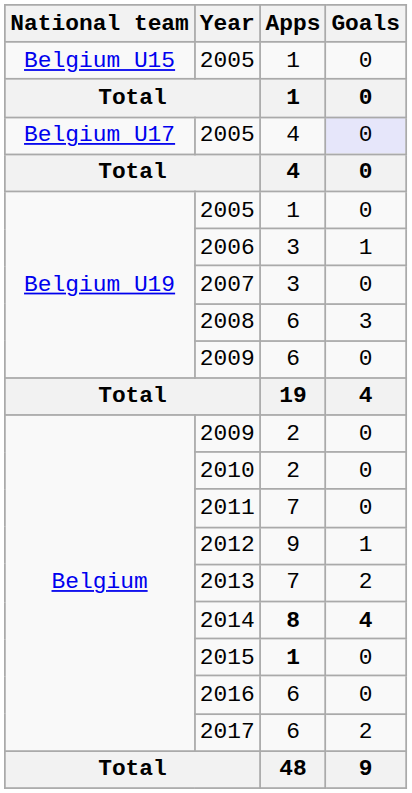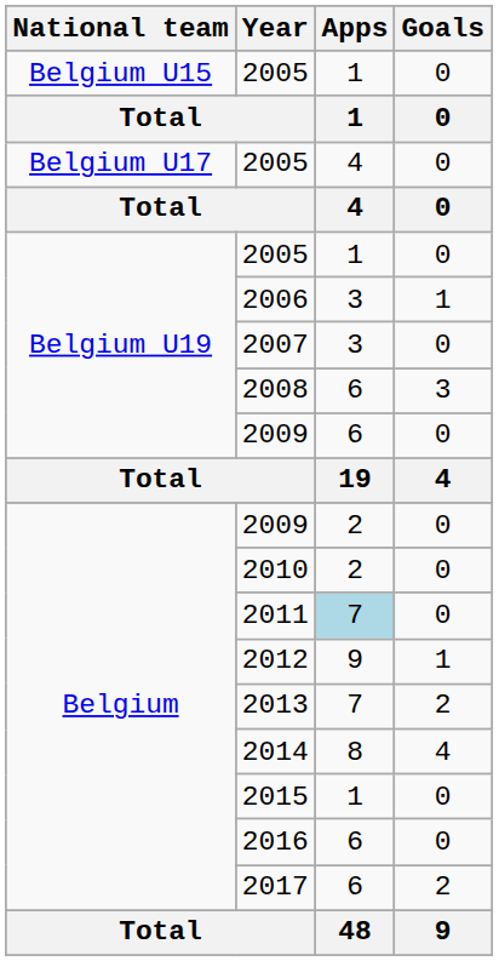 <table class="wikitable" style="text-align:center">
 <tr>
 <th>National team</th>
 <th>Year</th>
 <th>Apps</th>
 <th>Goals</th>
 </tr>
 <tr>
 <td><a href='#'>Belgium U15</a></td>
 <td>2005</td>
 <td>1</td>
 <td>0</td>
 </tr>
 <tr>
 <th colspan=2>Total</th>
 <th>1</th>
 <th>0</th>
 </tr>
 <tr>
 <td><a href='#'>Belgium U17</a></td>
 <td>2005</td>
 <td>4</td>
-<td style="background: lavender;">0</td>
+<td>0</td>
 </tr>
 <tr>
 <th colspan=2>Total</th>
 <th>4</th>
 <th>0</th>
 </tr>
 <tr>
 <td rowspan=5><a href='#'>Belgium U19</a></td>
 <td>2005</td>
 <td>1</td>
 <td>0</td>
 </tr>
 <tr>
 <td>2006</td>
 <td>3</td>
 <td>1</td>
 </tr>
 <tr>
 <td>2007</td>
 <td>3</td>
 <td>0</td>
 </tr>
 <tr>
 <td>2008</td>
 <td>6</td>
 <td>3</td>
 </tr>
 <tr>
 <td>2009</td>
 <td>6</td>
 <td>0</td>
 </tr>
 <tr>
 <th colspan=2>Total</th>
 <th>19</th>
 <th>4</th>
 </tr>
 <tr>
 <td rowspan=9><a href='#'>Belgium</a></td>
 <td>2009</td>
 <td>2</td>
 <td>0</td>
 </tr>
 <tr>
 <td>2010</td>
 <td>2</td>
 <td>0</td>
 </tr>
 <tr>
 <td>2011</td>
-<td>7</td>
+<td style="background: lightblue;">7</td>
 <td>0</td>
 </tr>
 <tr>
 <td>2012</td>
 <td>9</td>
 <td>1</td>
 </tr>
 <tr>
 <td>2013</td>
 <td>7</td>
 <td>2</td>
 </tr>
 <tr>
 <td>2014</td>
-<td><strong>8</strong></td>
-<td><strong>4</strong></td>
+<td>8</td>
+<td>4</td>
 </tr>
 <tr>
 <td>2015</td>
-<td><strong>1</strong></td>
+<td>1</td>
 <td>0</td>
 </tr>
 <tr>
 <td>2016</td>
 <td>6</td>
 <td>0</td>
 </tr>
 <tr>
 <td>2017</td>
 <td>6</td>
 <td>2</td>
 </tr>
 <tr>
 <th colspan=2>Total</th>
 <th>48</th>
 <th>9</th>
 </tr>
 </table>
